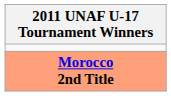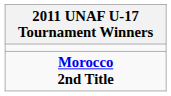 <table class="wikitable" style="text-align: center; margin: 0 auto; width: 20%">
 <tr>
 <th>2011 UNAF U-17 Tournament Winners</th>
 </tr>
 <tr>
 <td></td>
 </tr>
 <tr>
-<td style="background: lightsalmon;"><strong><a href='#'>Morocco</a></strong><br><strong>2nd Title</strong></td>
+<td><strong><a href='#'>Morocco</a></strong><br><strong>2nd Title</strong></td>
 </tr>
 </table>
